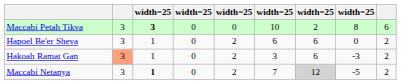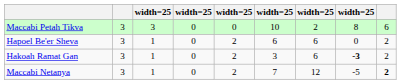 <table class="wikitable" style="text-align: center; font-size: 90%;">
 <tr>
 <th width=165></th>
 <th width=25></th>
 <th>width=25</th>
 <th>width=25</th>
 <th>width=25</th>
 <th>width=25</th>
 <th>width=25</th>
 <th>width=25</th>
 <th width=25></th>
 </tr>
 <tr bgcolor="#ccffcc">
 <td align="left"><a href='#'>Maccabi Petah Tikva</a></td>
 <td>3</td>
-<td><strong>3</strong></td>
+<td>3</td>
 <td>0</td>
 <td>0</td>
 <td>10</td>
 <td>2</td>
 <td>8</td>
 <td>6</td>
 </tr>
 <tr>
 <td align="left"><a href='#'>Hapoel Be'er Sheva</a></td>
 <td>3</td>
 <td>1</td>
 <td>0</td>
 <td>2</td>
 <td>6</td>
 <td>6</td>
 <td>0</td>
 <td>2</td>
 </tr>
 <tr>
 <td align="left"><a href='#'>Hakoah Ramat Gan</a></td>
-<td style="background: lightsalmon;">3</td>
+<td>3</td>
 <td>1</td>
 <td>0</td>
 <td>2</td>
 <td>3</td>
 <td>6</td>
-<td>-3</td>
+<td><strong>-3</strong></td>
 <td>2</td>
 </tr>
 <tr>
 <td align="left"><a href='#'>Maccabi Netanya</a></td>
 <td>3</td>
-<td><strong>1</strong></td>
+<td>1</td>
 <td>0</td>
 <td>2</td>
 <td>7</td>
-<td style="background: lightgrey;">12</td>
+<td>12</td>
 <td>-5</td>
-<td>2</td>
+<td><strong>2</strong></td>
 </tr>
 </table>
